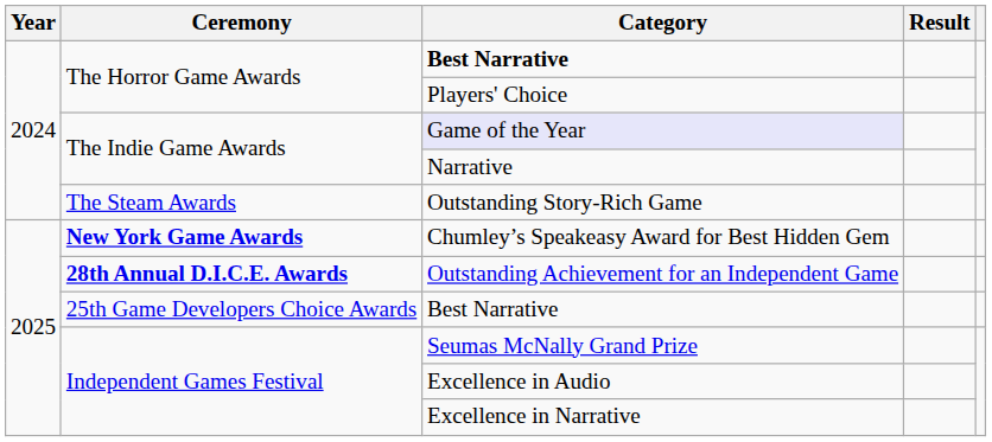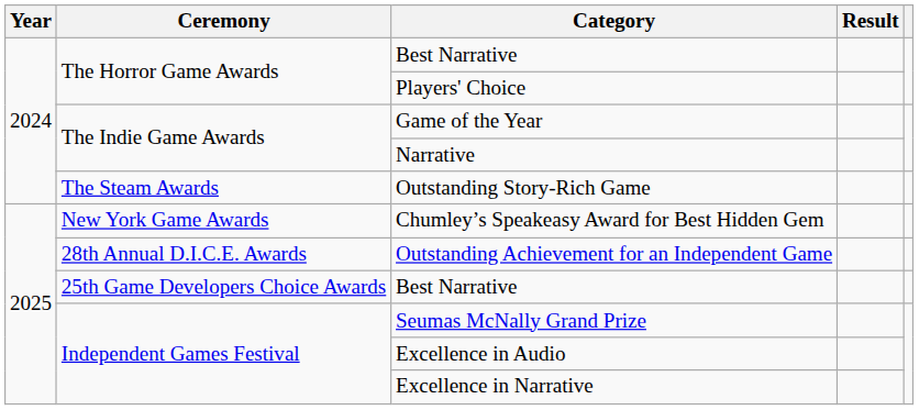 <table class="wikitable plainrowheaders sortable" width="auto">
 <tr>
 <th scope="col">Year</th>
 <th scope="col">Ceremony</th>
 <th scope="col">Category</th>
 <th scope="col">Result</th>
 <th scope="col" class="unsortable"></th>
 </tr>
 <tr>
 <td rowspan="5" style="text-align:center;">2024</td>
 <td rowspan="2">The Horror Game Awards</td>
-<td><strong>Best Narrative</strong></td>
+<td>Best Narrative</td>
 <td></td>
 <td rowspan="2" style="text-align:center;"></td>
 </tr>
 <tr>
 <td>Players' Choice</td>
 <td></td>
 </tr>
 <tr>
 <td rowspan="2">The Indie Game Awards</td>
-<td style="background: lavender;">Game of the Year</td>
+<td>Game of the Year</td>
 <td></td>
 <td rowspan="2" style="text-align:center;"></td>
 </tr>
 <tr>
 <td>Narrative</td>
 <td></td>
 </tr>
 <tr>
 <td><a href='#'>The Steam Awards</a></td>
 <td>Outstanding Story-Rich Game</td>
 <td></td>
 <td style="text-align:center;"></td>
 </tr>
 <tr>
 <td rowspan="6" style="text-align:center;">2025</td>
-<td><strong><a href='#'>New York Game Awards</a></strong></td>
+<td><a href='#'>New York Game Awards</a></td>
 <td>Chumley’s Speakeasy Award for Best Hidden Gem</td>
 <td></td>
 <td style="text-align:center;"></td>
 </tr>
 <tr>
-<td><strong><a href='#'>28th Annual D.I.C.E. Awards</a></strong></td>
+<td><a href='#'>28th Annual D.I.C.E. Awards</a></td>
 <td><a href='#'>Outstanding Achievement for an Independent Game</a></td>
 <td></td>
 <td style="text-align:center;"></td>
 </tr>
 <tr>
 <td><a href='#'>25th Game Developers Choice Awards</a></td>
 <td>Best Narrative</td>
 <td></td>
 <td style="text-align:center;"></td>
 </tr>
 <tr>
 <td rowspan="3"><a href='#'>Independent Games Festival</a></td>
 <td><a href='#'>Seumas McNally Grand Prize</a></td>
 <td></td>
 <td rowspan="3" style="text-align:center;"></td>
 </tr>
 <tr>
 <td>Excellence in Audio</td>
 <td></td>
 </tr>
 <tr>
 <td>Excellence in Narrative</td>
 <td></td>
 </tr>
 </table>
